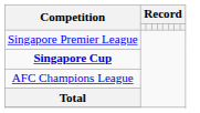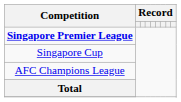 <table class="wikitable" style="text-align: center">
 <tr>
 <th rowspan=2>Competition</th>
 <th colspan=8>Record</th>
 </tr>
 <tr>
 <th></th>
 <th></th>
 <th></th>
 <th></th>
 <th></th>
 <th></th>
 <th></th>
 <th></th>
 </tr>
 <tr>
-<td><a href='#'>Singapore Premier League</a><br></td>
+<td><strong><a href='#'>Singapore Premier League</a><br></strong></td>
 </tr>
 <tr>
-<td><strong><a href='#'>Singapore Cup</a><br></strong></td>
+<td><a href='#'>Singapore Cup</a><br></td>
 </tr>
 <tr>
 <td><a href='#'>AFC Champions League</a><br></td>
 </tr>
 <tr>
 <th>Total<br></th>
 </tr>
 <tr>
 </tr>
 </table>
